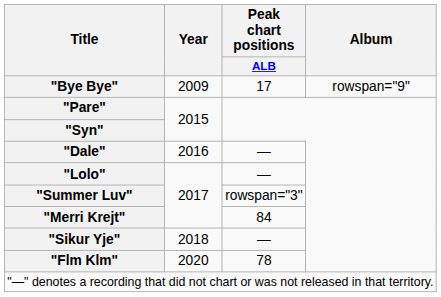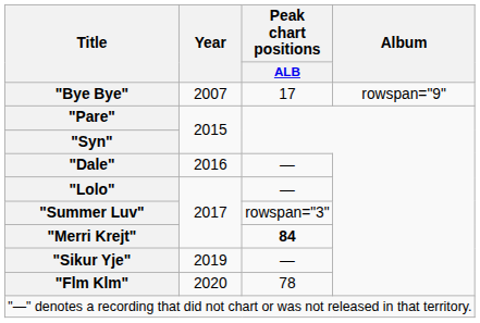 <table class="wikitable plainrowheaders" style="text-align:center;">
 <tr>
 <th scope="col" rowspan="2">Title</th>
 <th scope="col" rowspan="2">Year</th>
 <th scope="col" colspan="1">Peak<br>chart positions</th>
 <th scope="col" rowspan="2">Album</th>
 </tr>
 <tr>
 <th scope="col" style="width:3em; font-size:85%;"><a href='#'>ALB</a><br></th>
 </tr>
 <tr>
 <th scope="row">"Bye Bye"</th>
-<td>2009</td>
+<td>2007</td>
 <td>17</td>
 <td>rowspan="9" </td>
 </tr>
 <tr>
 <th scope="row">"Pare"<br></th>
 <td rowspan="2">2015</td>
 </tr>
 <tr>
 <th scope="row">"Syn"<br></th>
 </tr>
 <tr>
 <th scope="row">"Dale"</th>
 <td>2016</td>
 <td>—</td>
 </tr>
 <tr>
 <th scope="row">"Lolo"</th>
 <td rowspan="3">2017</td>
 <td>—</td>
 </tr>
 <tr>
 <th scope="row">"Summer Luv"</th>
 <td>rowspan="3" </td>
 </tr>
 <tr>
 <th scope="row">"Merri Krejt"</th>
-<td>84</td>
+<td><strong>84</strong></td>
 </tr>
 <tr>
 <th scope="row">"Sikur Yje"<br></th>
-<td>2018</td>
+<td>2019</td>
 <td>—</td>
 </tr>
 <tr>
 <th scope="row">"Flm Klm"</th>
 <td>2020</td>
 <td>78</td>
 </tr>
 <tr>
 <td colspan="11" style="font-size:90%">"—" denotes a recording that did not chart or was not released in that territory.</td>
 </tr>
 </table>
